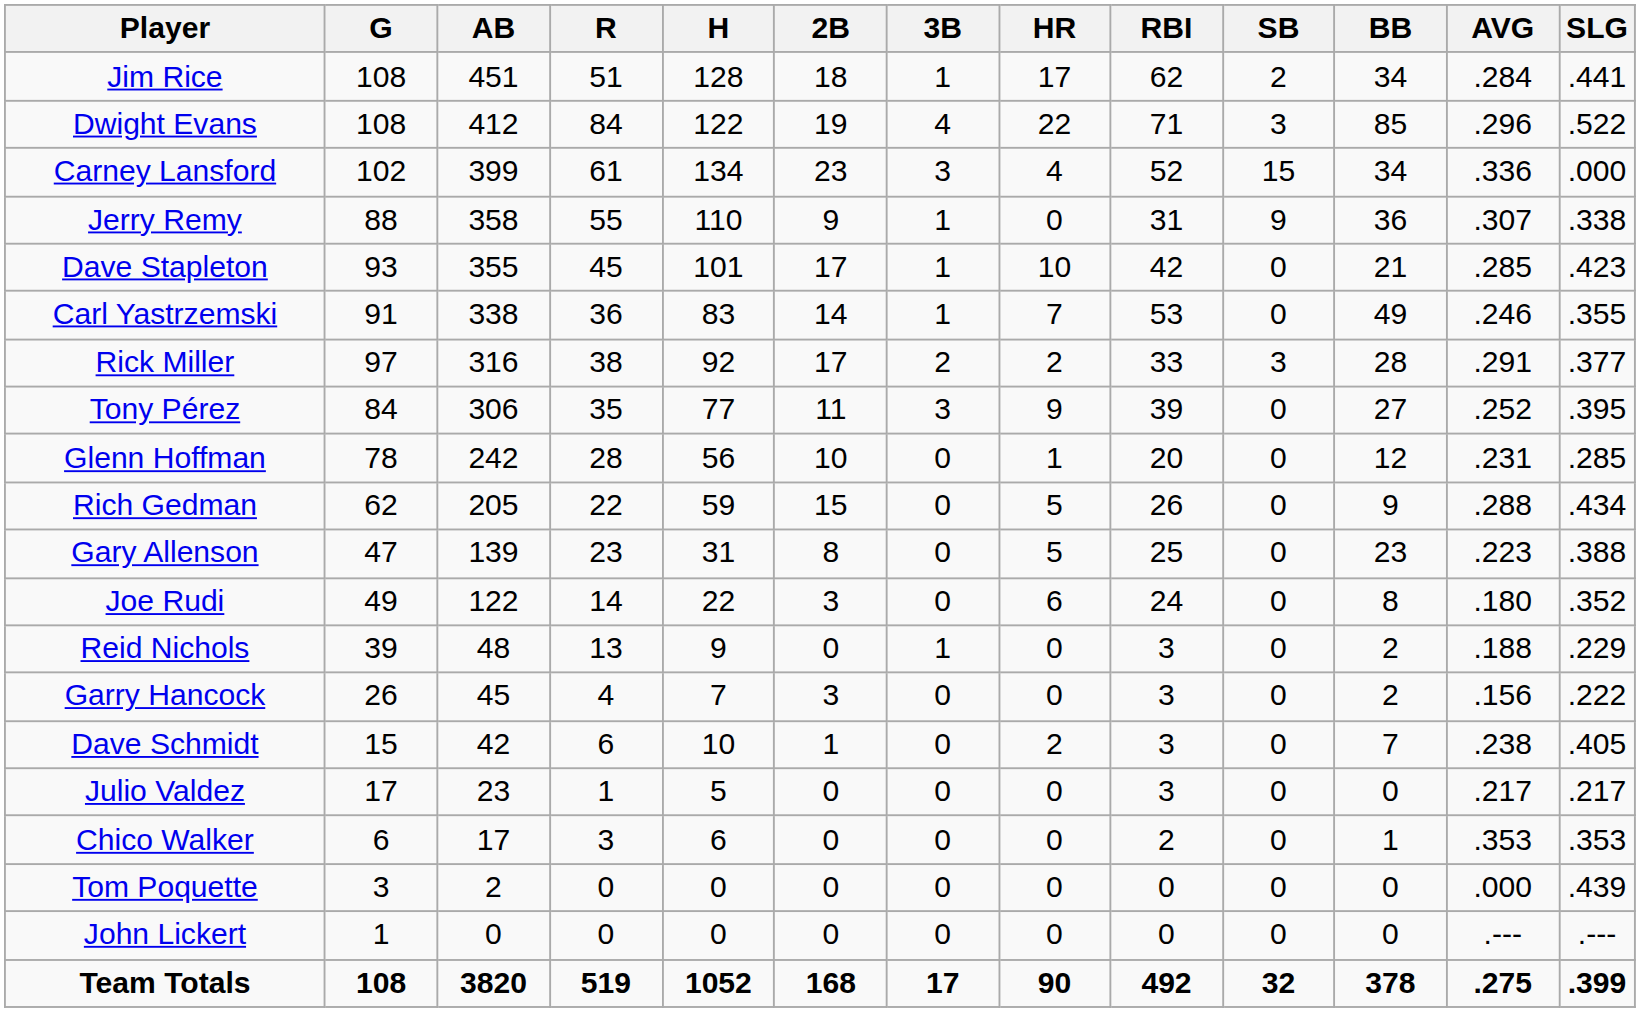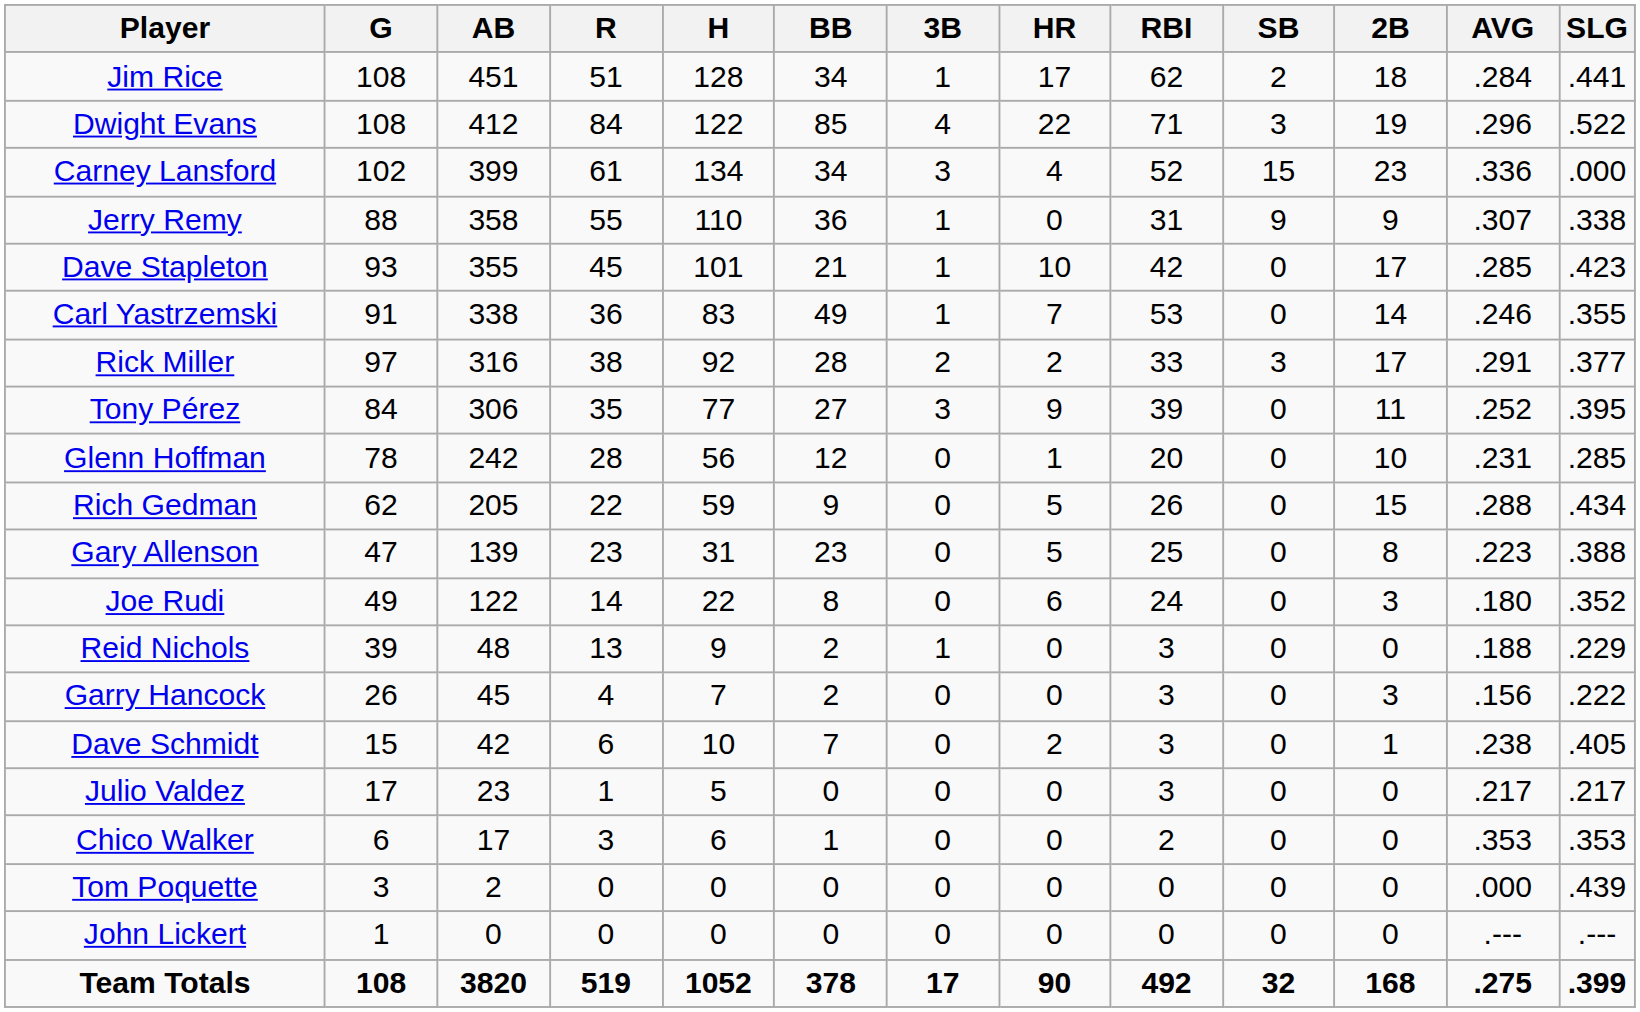 <table class=wikitable style="text-align:center">
 <tr>
 <th bgcolor=#DDDDFF; width="20%">Player</th>
 <th bgcolor=#DDDDFF; width="7%">G</th>
 <th bgcolor=#DDDDFF; width="7%">AB</th>
 <th bgcolor=#DDDDFF; width="7%">R</th>
 <th bgcolor=#DDDDFF; width="7%">H</th>
-<th bgcolor=#DDDDFF; width="7%">2B</th>
+<th bgcolor=#DDDDFF; width="7%">BB</th>
 <th bgcolor=#DDDDFF; width="7%">3B</th>
 <th bgcolor=#DDDDFF; width="7%'">HR</th>
 <th bgcolor=#DDDDFF; width="7%">RBI</th>
 <th bgcolor=#DDDDFF; width="7%">SB</th>
-<th bgcolor=#DDDDFF; width="7%">BB</th>
+<th bgcolor=#DDDDFF; width="7%">2B</th>
 <th bgcolor=#DDDDFF; width="7%">AVG</th>
 <th bgcolor=#DDDDFF; width="7%">SLG</th>
 </tr>
 <tr>
 <td><a href='#'>Jim Rice</a></td>
 <td>108</td>
 <td>451</td>
 <td>51</td>
 <td>128</td>
-<td>18</td>
+<td>34</td>
 <td>1</td>
 <td>17</td>
 <td>62</td>
 <td>2</td>
-<td>34</td>
+<td>18</td>
 <td>.284</td>
 <td>.441</td>
 </tr>
 <tr>
 <td><a href='#'>Dwight Evans</a></td>
 <td>108</td>
 <td>412</td>
 <td>84</td>
 <td>122</td>
-<td>19</td>
+<td>85</td>
 <td>4</td>
 <td>22</td>
 <td>71</td>
 <td>3</td>
-<td>85</td>
+<td>19</td>
 <td>.296</td>
 <td>.522</td>
 </tr>
 <tr>
 <td><a href='#'>Carney Lansford</a></td>
 <td>102</td>
 <td>399</td>
 <td>61</td>
 <td>134</td>
-<td>23</td>
+<td>34</td>
 <td>3</td>
 <td>4</td>
 <td>52</td>
 <td>15</td>
-<td>34</td>
+<td>23</td>
 <td>.336</td>
 <td>.000</td>
 </tr>
 <tr>
 <td><a href='#'>Jerry Remy</a></td>
 <td>88</td>
 <td>358</td>
 <td>55</td>
 <td>110</td>
-<td>9</td>
+<td>36</td>
 <td>1</td>
 <td>0</td>
 <td>31</td>
 <td>9</td>
-<td>36</td>
+<td>9</td>
 <td>.307</td>
 <td>.338</td>
 </tr>
 <tr>
 <td><a href='#'>Dave Stapleton</a></td>
 <td>93</td>
 <td>355</td>
 <td>45</td>
 <td>101</td>
-<td>17</td>
+<td>21</td>
 <td>1</td>
 <td>10</td>
 <td>42</td>
 <td>0</td>
-<td>21</td>
+<td>17</td>
 <td>.285</td>
 <td>.423</td>
 </tr>
 <tr>
 <td><a href='#'>Carl Yastrzemski</a></td>
 <td>91</td>
 <td>338</td>
 <td>36</td>
 <td>83</td>
-<td>14</td>
+<td>49</td>
 <td>1</td>
 <td>7</td>
 <td>53</td>
 <td>0</td>
-<td>49</td>
+<td>14</td>
 <td>.246</td>
 <td>.355</td>
 </tr>
 <tr>
 <td><a href='#'>Rick Miller</a></td>
 <td>97</td>
 <td>316</td>
 <td>38</td>
 <td>92</td>
-<td>17</td>
+<td>28</td>
 <td>2</td>
 <td>2</td>
 <td>33</td>
 <td>3</td>
-<td>28</td>
+<td>17</td>
 <td>.291</td>
 <td>.377</td>
 </tr>
 <tr>
 <td><a href='#'>Tony Pérez</a></td>
 <td>84</td>
 <td>306</td>
 <td>35</td>
 <td>77</td>
-<td>11</td>
+<td>27</td>
 <td>3</td>
 <td>9</td>
 <td>39</td>
 <td>0</td>
-<td>27</td>
+<td>11</td>
 <td>.252</td>
 <td>.395</td>
 </tr>
 <tr>
 <td><a href='#'>Glenn Hoffman</a></td>
 <td>78</td>
 <td>242</td>
 <td>28</td>
 <td>56</td>
-<td>10</td>
+<td>12</td>
 <td>0</td>
 <td>1</td>
 <td>20</td>
 <td>0</td>
-<td>12</td>
+<td>10</td>
 <td>.231</td>
 <td>.285</td>
 </tr>
 <tr>
 <td><a href='#'>Rich Gedman</a></td>
 <td>62</td>
 <td>205</td>
 <td>22</td>
 <td>59</td>
-<td>15</td>
+<td>9</td>
 <td>0</td>
 <td>5</td>
 <td>26</td>
 <td>0</td>
-<td>9</td>
+<td>15</td>
 <td>.288</td>
 <td>.434</td>
 </tr>
 <tr>
 <td><a href='#'>Gary Allenson</a></td>
 <td>47</td>
 <td>139</td>
 <td>23</td>
 <td>31</td>
-<td>8</td>
+<td>23</td>
 <td>0</td>
 <td>5</td>
 <td>25</td>
 <td>0</td>
-<td>23</td>
+<td>8</td>
 <td>.223</td>
 <td>.388</td>
 </tr>
 <tr>
 <td><a href='#'>Joe Rudi</a></td>
 <td>49</td>
 <td>122</td>
 <td>14</td>
 <td>22</td>
-<td>3</td>
+<td>8</td>
 <td>0</td>
 <td>6</td>
 <td>24</td>
 <td>0</td>
-<td>8</td>
+<td>3</td>
 <td>.180</td>
 <td>.352</td>
 </tr>
 <tr>
 <td><a href='#'>Reid Nichols</a></td>
 <td>39</td>
 <td>48</td>
 <td>13</td>
 <td>9</td>
-<td>0</td>
+<td>2</td>
 <td>1</td>
 <td>0</td>
 <td>3</td>
 <td>0</td>
-<td>2</td>
+<td>0</td>
 <td>.188</td>
 <td>.229</td>
 </tr>
 <tr>
 <td><a href='#'>Garry Hancock</a></td>
 <td>26</td>
 <td>45</td>
 <td>4</td>
 <td>7</td>
-<td>3</td>
+<td>2</td>
 <td>0</td>
 <td>0</td>
 <td>3</td>
 <td>0</td>
-<td>2</td>
+<td>3</td>
 <td>.156</td>
 <td>.222</td>
 </tr>
 <tr>
 <td><a href='#'>Dave Schmidt</a></td>
 <td>15</td>
 <td>42</td>
 <td>6</td>
 <td>10</td>
-<td>1</td>
+<td>7</td>
 <td>0</td>
 <td>2</td>
 <td>3</td>
 <td>0</td>
-<td>7</td>
+<td>1</td>
 <td>.238</td>
 <td>.405</td>
 </tr>
 <tr>
 <td><a href='#'>Julio Valdez</a></td>
 <td>17</td>
 <td>23</td>
 <td>1</td>
 <td>5</td>
 <td>0</td>
 <td>0</td>
 <td>0</td>
 <td>3</td>
 <td>0</td>
 <td>0</td>
 <td>.217</td>
 <td>.217</td>
 </tr>
 <tr>
 <td><a href='#'>Chico Walker</a></td>
 <td>6</td>
 <td>17</td>
 <td>3</td>
 <td>6</td>
-<td>0</td>
+<td>1</td>
 <td>0</td>
 <td>0</td>
 <td>2</td>
 <td>0</td>
-<td>1</td>
+<td>0</td>
 <td>.353</td>
 <td>.353</td>
 </tr>
 <tr>
 <td><a href='#'>Tom Poquette</a></td>
 <td>3</td>
 <td>2</td>
 <td>0</td>
 <td>0</td>
 <td>0</td>
 <td>0</td>
 <td>0</td>
 <td>0</td>
 <td>0</td>
 <td>0</td>
 <td>.000</td>
 <td>.439</td>
 </tr>
 <tr>
 <td><a href='#'>John Lickert</a></td>
 <td>1</td>
 <td>0</td>
 <td>0</td>
 <td>0</td>
 <td>0</td>
 <td>0</td>
 <td>0</td>
 <td>0</td>
 <td>0</td>
 <td>0</td>
 <td>.---</td>
 <td>.---</td>
 </tr>
 <tr>
 <td><strong>Team Totals</strong></td>
 <td><strong>108</strong></td>
 <td><strong>3820</strong></td>
 <td><strong>519</strong></td>
 <td><strong>1052</strong></td>
-<td><strong>168</strong></td>
+<td><strong>378</strong></td>
 <td><strong>17</strong></td>
 <td><strong>90</strong></td>
 <td><strong>492</strong></td>
 <td><strong>32</strong></td>
-<td><strong>378</strong></td>
+<td><strong>168</strong></td>
 <td><strong>.275</strong></td>
 <td><strong>.399</strong></td>
 </tr>
 </table>
